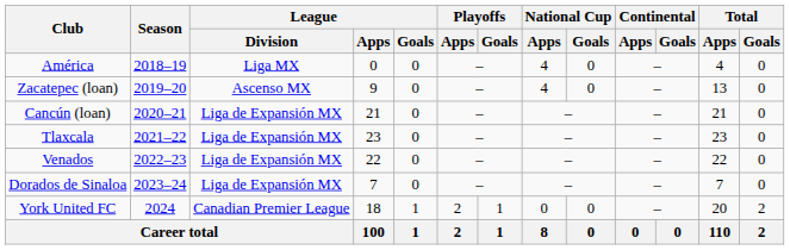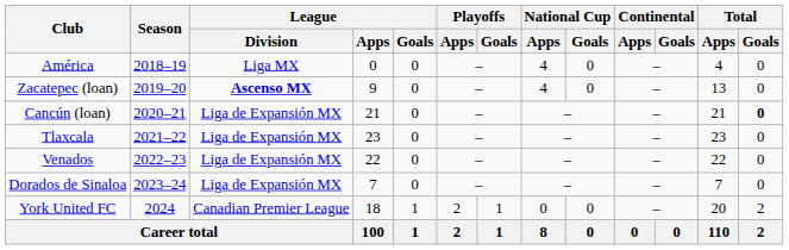 <table class="wikitable" style="text-align: center">
 <tr>
 <th rowspan="2">Club</th>
 <th rowspan="2">Season</th>
 <th colspan="3">League</th>
 <th colspan="2">Playoffs</th>
 <th colspan="2">National Cup</th>
 <th colspan="2">Continental</th>
 <th colspan="2">Total</th>
 </tr>
 <tr>
 <th>Division</th>
 <th>Apps</th>
 <th>Goals</th>
 <th>Apps</th>
 <th>Goals</th>
 <th>Apps</th>
 <th>Goals</th>
 <th>Apps</th>
 <th>Goals</th>
 <th>Apps</th>
 <th>Goals</th>
 </tr>
 <tr>
 <td><a href='#'>América</a></td>
 <td><a href='#'>2018–19</a></td>
 <td><a href='#'>Liga MX</a></td>
 <td>0</td>
 <td>0</td>
 <td colspan="2">–</td>
 <td>4</td>
 <td>0</td>
 <td colspan="2">–</td>
 <td>4</td>
 <td>0</td>
 </tr>
 <tr>
 <td><a href='#'>Zacatepec</a> (loan)</td>
 <td><a href='#'>2019–20</a></td>
-<td><a href='#'>Ascenso MX</a></td>
+<td><strong><a href='#'>Ascenso MX</a></strong></td>
 <td>9</td>
 <td>0</td>
 <td colspan="2">–</td>
 <td>4</td>
 <td>0</td>
 <td colspan="2">–</td>
 <td>13</td>
 <td>0</td>
 </tr>
 <tr>
 <td><a href='#'>Cancún</a> (loan)</td>
 <td><a href='#'>2020–21</a></td>
 <td><a href='#'>Liga de Expansión MX</a></td>
 <td>21</td>
 <td>0</td>
 <td colspan="2">–</td>
 <td colspan="2">–</td>
 <td colspan="2">–</td>
 <td>21</td>
-<td>0</td>
+<td><strong>0</strong></td>
 </tr>
 <tr>
 <td><a href='#'>Tlaxcala</a></td>
 <td><a href='#'>2021–22</a></td>
 <td><a href='#'>Liga de Expansión MX</a></td>
 <td>23</td>
 <td>0</td>
 <td colspan="2">–</td>
 <td colspan="2">–</td>
 <td colspan="2">–</td>
 <td>23</td>
 <td>0</td>
 </tr>
 <tr>
 <td><a href='#'>Venados</a></td>
 <td><a href='#'>2022–23</a></td>
 <td><a href='#'>Liga de Expansión MX</a></td>
 <td>22</td>
 <td>0</td>
 <td colspan="2">–</td>
 <td colspan="2">–</td>
 <td colspan="2">–</td>
 <td>22</td>
 <td>0</td>
 </tr>
 <tr>
 <td><a href='#'>Dorados de Sinaloa</a></td>
 <td><a href='#'>2023–24</a></td>
 <td><a href='#'>Liga de Expansión MX</a></td>
 <td>7</td>
 <td>0</td>
 <td colspan="2">–</td>
 <td colspan="2">–</td>
 <td colspan="2">–</td>
 <td>7</td>
 <td>0</td>
 </tr>
 <tr>
 <td><a href='#'>York United FC</a></td>
 <td><a href='#'>2024</a></td>
 <td><a href='#'>Canadian Premier League</a></td>
 <td>18</td>
 <td>1</td>
 <td>2</td>
 <td>1</td>
 <td>0</td>
 <td>0</td>
 <td colspan="2">–</td>
 <td>20</td>
 <td>2</td>
 </tr>
 <tr>
 <th colspan="3">Career total</th>
 <th>100</th>
 <th>1</th>
 <th>2</th>
 <th>1</th>
 <th>8</th>
 <th>0</th>
 <th>0</th>
 <th>0</th>
 <th>110</th>
 <th>2</th>
 </tr>
 </table>
